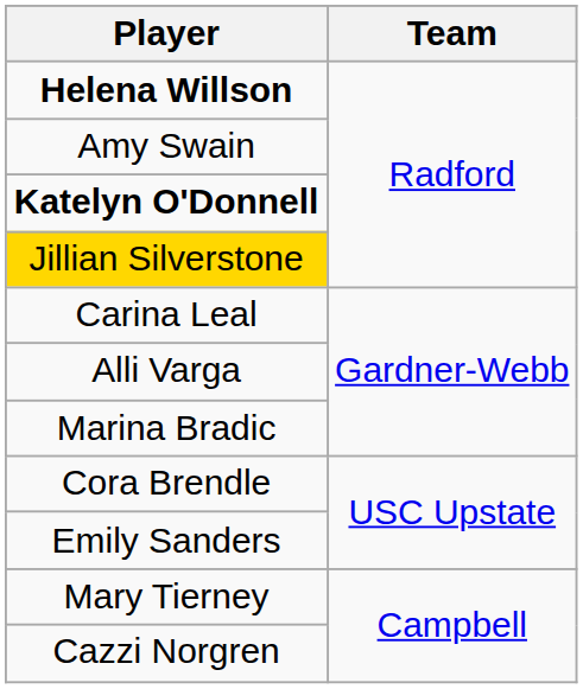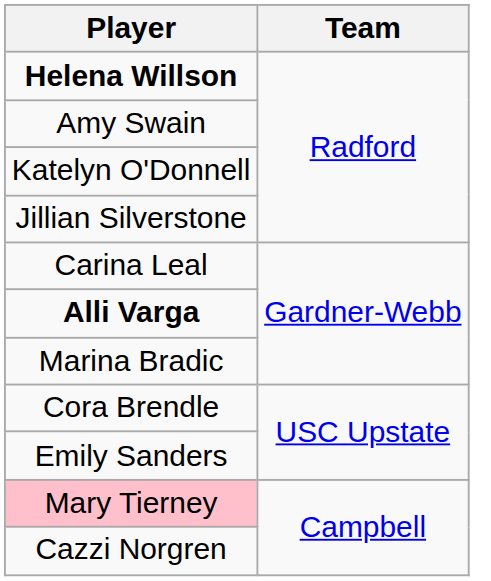 <table class="wikitable" style="text-align:center">
 <tr>
 <th>Player</th>
 <th>Team</th>
 </tr>
 <tr>
 <td><strong>Helena Willson</strong></td>
 <td rowspan=4><a href='#'>Radford</a></td>
 </tr>
 <tr>
 <td>Amy Swain</td>
 </tr>
 <tr>
-<td><strong>Katelyn O'Donnell</strong></td>
+<td>Katelyn O'Donnell</td>
 </tr>
 <tr>
-<td style="background: gold;">Jillian Silverstone</td>
+<td>Jillian Silverstone</td>
 </tr>
 <tr>
 <td>Carina Leal</td>
 <td rowspan=3><a href='#'>Gardner-Webb</a></td>
 </tr>
 <tr>
-<td>Alli Varga</td>
+<td><strong>Alli Varga</strong></td>
 </tr>
 <tr>
 <td>Marina Bradic</td>
 </tr>
 <tr>
 <td>Cora Brendle</td>
 <td rowspan=2><a href='#'>USC Upstate</a></td>
 </tr>
 <tr>
 <td>Emily Sanders</td>
 </tr>
 <tr>
-<td>Mary Tierney</td>
+<td style="background: pink;">Mary Tierney</td>
 <td rowspan=2><a href='#'>Campbell</a></td>
 </tr>
 <tr>
 <td>Cazzi Norgren</td>
 </tr>
 </table>
